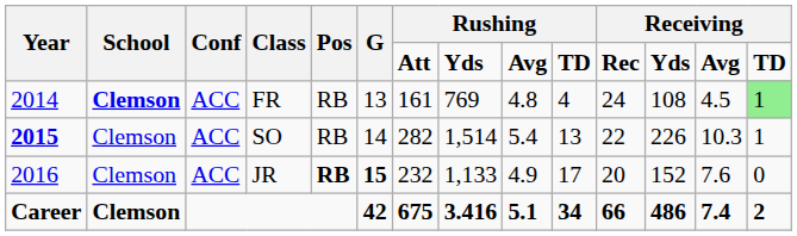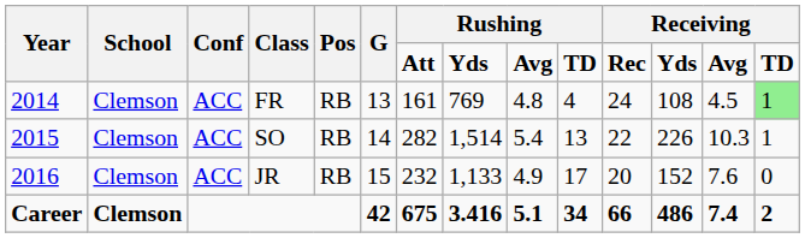 <table class="wikitable">
 <tr>
 <th rowspan="2">Year</th>
 <th rowspan="2">School</th>
 <th rowspan="2">Conf</th>
 <th rowspan="2">Class</th>
 <th rowspan="2">Pos</th>
 <th rowspan="2">G</th>
 <th colspan="4" style="text-align: center; font-weight:bold;">Rushing</th>
 <th colspan="4" style="text-align: center; font-weight:bold;">Receiving</th>
 </tr>
 <tr>
 <td style="font-weight:bold;">Att</td>
 <td style="font-weight:bold;">Yds</td>
 <td style="font-weight:bold;">Avg</td>
 <td style="font-weight:bold;">TD</td>
 <td style="font-weight:bold;">Rec</td>
 <td style="font-weight:bold;">Yds</td>
 <td style="font-weight:bold;">Avg</td>
 <td style="font-weight:bold;">TD</td>
 </tr>
 <tr>
 <td><a href='#'>2014</a></td>
-<td><strong><a href='#'>Clemson</a></strong></td>
+<td><a href='#'>Clemson</a></td>
 <td><a href='#'>ACC</a></td>
 <td>FR</td>
 <td>RB</td>
 <td>13</td>
 <td>161</td>
 <td>769</td>
 <td>4.8</td>
 <td>4</td>
 <td>24</td>
 <td>108</td>
 <td>4.5</td>
 <td style="background: lightgreen;">1</td>
 </tr>
 <tr>
-<td><strong><a href='#'>2015</a></strong></td>
+<td><a href='#'>2015</a></td>
 <td><a href='#'>Clemson</a></td>
 <td><a href='#'>ACC</a></td>
 <td>SO</td>
 <td>RB</td>
 <td>14</td>
 <td>282</td>
 <td>1,514</td>
 <td>5.4</td>
 <td>13</td>
 <td>22</td>
 <td>226</td>
 <td>10.3</td>
 <td>1</td>
 </tr>
 <tr>
 <td><a href='#'>2016</a></td>
 <td><a href='#'>Clemson</a></td>
 <td><a href='#'>ACC</a></td>
 <td>JR</td>
-<td><strong>RB</strong></td>
-<td><strong>15</strong></td>
+<td>RB</td>
+<td>15</td>
 <td>232</td>
 <td>1,133</td>
 <td>4.9</td>
 <td>17</td>
 <td>20</td>
 <td>152</td>
 <td>7.6</td>
 <td>0</td>
 </tr>
 <tr>
 <td style="font-weight:bold;">Career</td>
 <td style="font-weight:bold;">Clemson</td>
 <td colspan="3" style="font-weight:bold;"></td>
 <td style="font-weight:bold;">42</td>
 <td style="font-weight:bold;">675</td>
 <td style="font-weight:bold;">3.416</td>
 <td style="font-weight:bold;">5.1</td>
 <td style="font-weight:bold;">34</td>
 <td style="font-weight:bold;">66</td>
 <td style="font-weight:bold;">486</td>
 <td style="font-weight:bold;">7.4</td>
 <td style="font-weight:bold;">2</td>
 </tr>
 </table>
